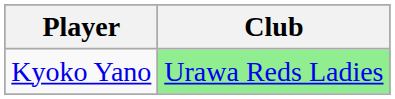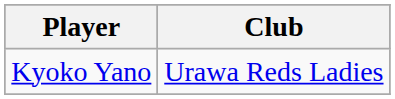 <table class="wikitable">
 <tr>
 <th>Player</th>
 <th>Club</th>
 </tr>
 <tr>
 <td> <a href='#'>Kyoko Yano</a></td>
-<td style="background: lightgreen;"><a href='#'>Urawa Reds Ladies</a></td>
+<td><a href='#'>Urawa Reds Ladies</a></td>
 </tr>
 </table>
